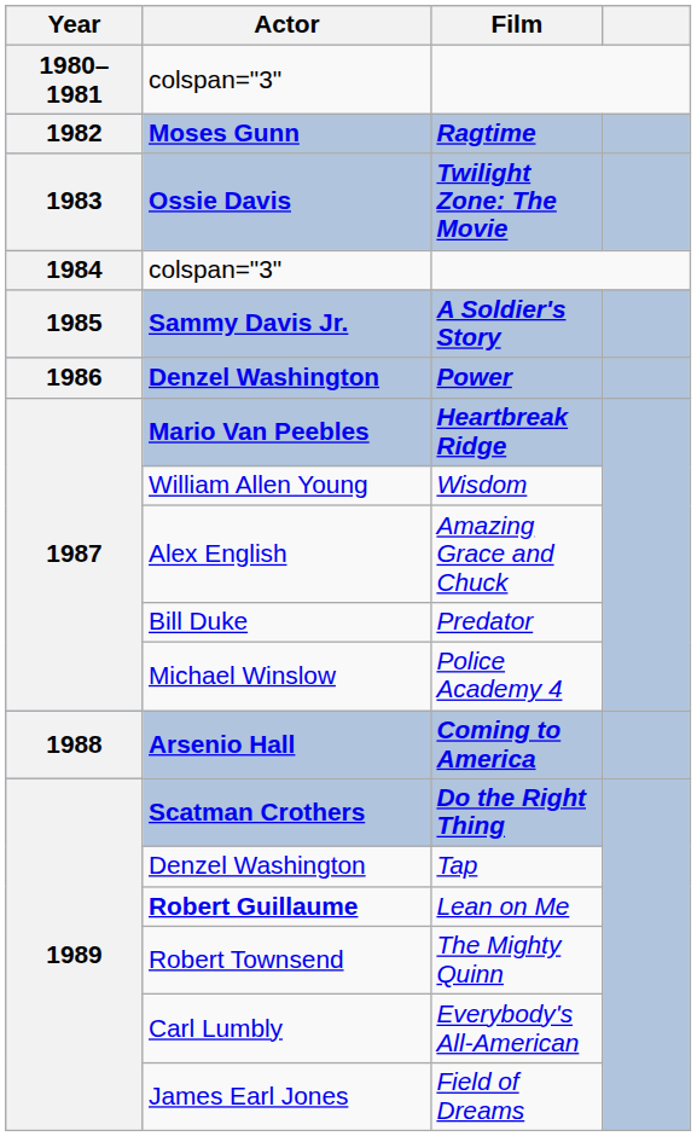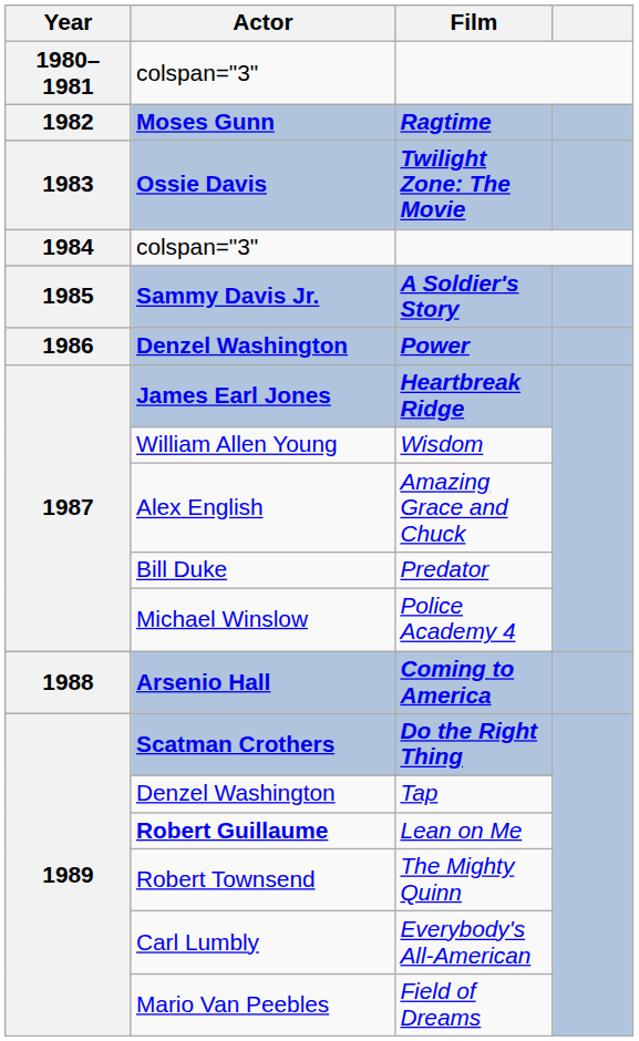 <table class="wikitable" style="width:70%;">
 <tr style="background:#bebebe;">
 <th scope="col" style="width:5em;">Year</th>
 <th scope="col" style="width:11em;">Actor</th>
 <th scope="col">Film</th>
 <th scope="col" style="width:3em;"></th>
 </tr>
 <tr>
 <th scope="row">1980–1981</th>
 <td>colspan="3" </td>
 </tr>
 <tr style="background:#B0C4DE; font-weight:bold;">
 <th scope="row">1982</th>
 <td><a href='#'>Moses Gunn</a></td>
 <td><em><a href='#'>Ragtime</a></em></td>
 <td style="text-align:center;"></td>
 </tr>
 <tr style="background:#B0C4DE; font-weight:bold;">
 <th scope="row">1983</th>
 <td><a href='#'>Ossie Davis</a></td>
 <td><em><a href='#'>Twilight Zone: The Movie</a></em></td>
 <td style="text-align:center;"></td>
 </tr>
 <tr>
 <th scope="row">1984</th>
 <td>colspan="3" </td>
 </tr>
 <tr style="background:#B0C4DE; font-weight:bold;">
 <th scope="row">1985</th>
 <td><a href='#'>Sammy Davis Jr.</a></td>
 <td><em><a href='#'>A Soldier's Story</a></em></td>
 <td style="text-align:center;"></td>
 </tr>
 <tr style="background:#B0C4DE; font-weight:bold;">
 <th scope="row">1986</th>
 <td><a href='#'>Denzel Washington</a></td>
 <td><em><a href='#'>Power</a></em></td>
 <td style="text-align:center;"></td>
 </tr>
 <tr style="background:#B0C4DE; font-weight:bold;">
 <th scope="row" rowspan="5">1987</th>
-<td><a href='#'>Mario Van Peebles</a></td>
+<td><a href='#'>James Earl Jones</a></td>
 <td><em><a href='#'>Heartbreak Ridge</a></em></td>
 <td rowspan="5" style="text-align:center;"></td>
 </tr>
 <tr>
 <td><a href='#'>William Allen Young</a></td>
 <td><em><a href='#'>Wisdom</a></em></td>
 </tr>
 <tr>
 <td><a href='#'>Alex English</a></td>
 <td><em><a href='#'>Amazing Grace and Chuck</a></em></td>
 </tr>
 <tr>
 <td><a href='#'>Bill Duke</a></td>
 <td><em><a href='#'>Predator</a></em></td>
 </tr>
 <tr>
 <td><a href='#'>Michael Winslow</a></td>
 <td><em><a href='#'>Police Academy 4</a></em></td>
 </tr>
 <tr style="background:#B0C4DE; font-weight:bold;">
 <th scope="row">1988</th>
 <td><a href='#'>Arsenio Hall</a></td>
 <td><em><a href='#'>Coming to America</a></em></td>
 <td style="text-align:center;"></td>
 </tr>
 <tr style="background:#B0C4DE; font-weight:bold;">
 <th scope="row" rowspan="6">1989</th>
 <td><a href='#'>Scatman Crothers</a></td>
 <td><em><a href='#'>Do the Right Thing</a></em></td>
 <td rowspan="6" style="text-align:center;"></td>
 </tr>
 <tr>
 <td><a href='#'>Denzel Washington</a></td>
 <td><em><a href='#'>Tap</a></em></td>
 </tr>
 <tr>
 <td><strong><a href='#'>Robert Guillaume</a></strong></td>
 <td><em><a href='#'>Lean on Me</a></em></td>
 </tr>
 <tr>
 <td><a href='#'>Robert Townsend</a></td>
 <td><em><a href='#'>The Mighty Quinn</a></em></td>
 </tr>
 <tr>
 <td><a href='#'>Carl Lumbly</a></td>
 <td><em><a href='#'>Everybody's All-American</a></em></td>
 </tr>
 <tr>
-<td><a href='#'>James Earl Jones</a></td>
+<td><a href='#'>Mario Van Peebles</a></td>
 <td><em><a href='#'>Field of Dreams</a></em></td>
 </tr>
 </table>
